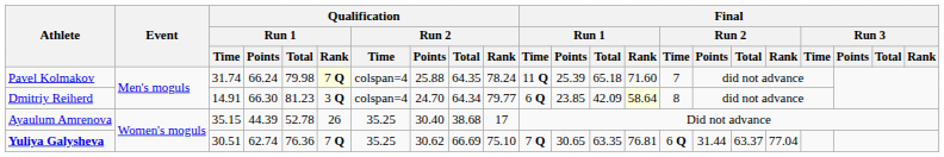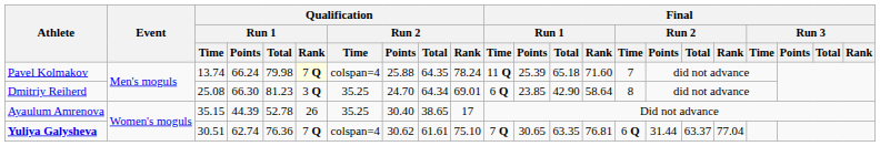 <table class="wikitable" style="font-size:90%">
 <tr>
 <th rowspan=3>Athlete</th>
 <th rowspan=3>Event</th>
 <th colspan=8>Qualification</th>
 <th colspan=12>Final</th>
 </tr>
 <tr style="font-size:95%">
 <th colspan=4>Run 1</th>
 <th colspan=4>Run 2</th>
 <th colspan=4>Run 1</th>
 <th colspan=4>Run 2</th>
 <th colspan=4>Run 3</th>
 </tr>
 <tr style="font-size:95%">
 <th>Time</th>
 <th>Points</th>
 <th>Total</th>
 <th>Rank</th>
 <th>Time</th>
 <th>Points</th>
 <th>Total</th>
 <th>Rank</th>
 <th>Time</th>
 <th>Points</th>
 <th>Total</th>
 <th>Rank</th>
 <th>Time</th>
 <th>Points</th>
 <th>Total</th>
 <th>Rank</th>
 <th>Time</th>
 <th>Points</th>
 <th>Total</th>
 <th>Rank</th>
 </tr>
 <tr align=center>
 <td align=left><a href='#'>Pavel Kolmakov</a></td>
 <td align=left rowspan=2><a href='#'>Men's moguls</a></td>
-<td>31.74</td>
+<td>13.74</td>
 <td>66.24</td>
 <td>79.98</td>
 <td style="background: lightyellow;">7 <strong>Q</strong></td>
 <td>colspan=4 </td>
 <td>25.88</td>
 <td>64.35</td>
 <td>78.24</td>
 <td>11 <strong>Q</strong></td>
 <td>25.39</td>
 <td>65.18</td>
 <td>71.60</td>
 <td>7</td>
 <td colspan=4>did not advance</td>
 </tr>
 <tr align=center>
 <td align=left><a href='#'>Dmitriy Reiherd</a></td>
-<td>14.91</td>
+<td>25.08</td>
 <td>66.30</td>
 <td>81.23</td>
 <td>3 <strong>Q</strong></td>
-<td>colspan=4 </td>
+<td>35.25</td>
 <td>24.70</td>
 <td>64.34</td>
-<td>79.77</td>
+<td>69.01</td>
 <td>6 <strong>Q</strong></td>
 <td>23.85</td>
-<td>42.09</td>
-<td style="background: lightyellow;">58.64</td>
+<td>42.90</td>
+<td>58.64</td>
 <td>8</td>
 <td colspan=4>did not advance</td>
 </tr>
 <tr align=center>
 <td align=left><a href='#'>Ayaulum Amrenova</a></td>
 <td align=left rowspan=2><a href='#'>Women's moguls</a></td>
 <td>35.15</td>
 <td>44.39</td>
 <td>52.78</td>
 <td>26</td>
 <td>35.25</td>
 <td>30.40</td>
-<td>38.68</td>
+<td>38.65</td>
 <td>17</td>
 <td colspan=12>Did not advance</td>
 </tr>
 <tr align=center>
 <td align=left><strong><a href='#'>Yuliya Galysheva</a></strong></td>
 <td>30.51</td>
 <td>62.74</td>
 <td>76.36</td>
 <td>7 <strong>Q</strong></td>
-<td>35.25</td>
+<td>colspan=4 </td>
 <td>30.62</td>
-<td>66.69</td>
+<td>61.61</td>
 <td>75.10</td>
 <td>7 <strong>Q</strong></td>
 <td>30.65</td>
 <td>63.35</td>
 <td>76.81</td>
 <td>6 <strong>Q</strong></td>
 <td>31.44</td>
 <td>63.37</td>
 <td>77.04</td>
 <td></td>
 </tr>
 </table>
